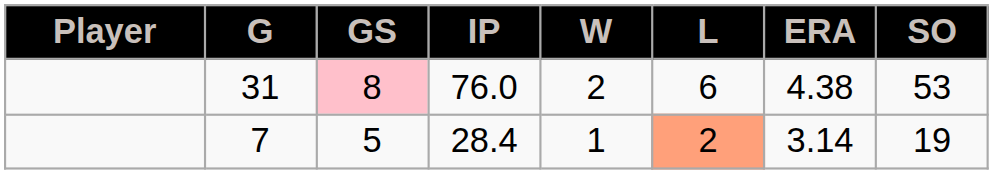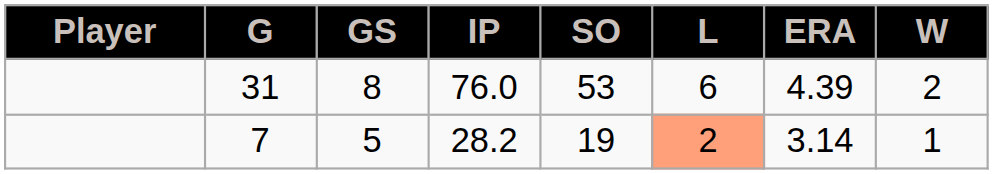 <table class="wikitable sortable">
 <tr>
 <th style="background:#000; color:#c9c0bb; width:16%;">Player</th>
 <th style="background:#000; color:#c9c0bb; width:9%;">G</th>
 <th style="background:#000; color:#c9c0bb; width:9%;">GS</th>
 <th style="background:#000; color:#c9c0bb; width:9%;">IP</th>
-<th style="background:#000; color:#c9c0bb; width:9%;">W</th>
+<th style="background:#000; color:#c9c0bb; width:9%;">SO</th>
 <th style="background:#000; color:#c9c0bb; width:9%;">L</th>
 <th style="background:#000; color:#c9c0bb; width:9%;">ERA</th>
-<th style="background:#000; color:#c9c0bb; width:9%;">SO</th>
+<th style="background:#000; color:#c9c0bb; width:9%;">W</th>
 </tr>
 <tr style="text-align:center;"|}>
 <td></td>
 <td>31</td>
-<td style="background: pink;">8</td>
+<td>8</td>
 <td>76.0</td>
+<td>53</td>
+<td>6</td>
+<td>4.39</td>
 <td>2</td>
-<td>6</td>
-<td>4.38</td>
-<td>53</td>
 </tr>
 <tr style="text-align:center;">
 <td></td>
 <td>7</td>
 <td>5</td>
-<td>28.4</td>
-<td>1</td>
+<td>28.2</td>
+<td>19</td>
 <td style="background: lightsalmon;">2</td>
 <td>3.14</td>
-<td>19</td>
+<td>1</td>
 </tr>
 </table>
